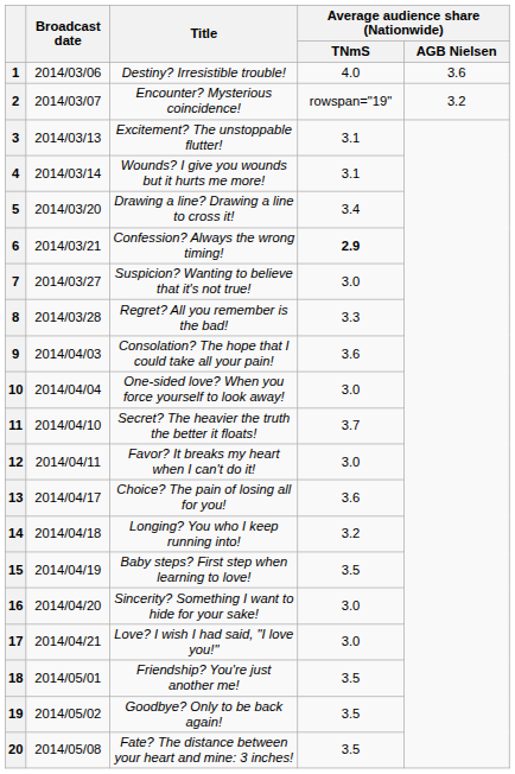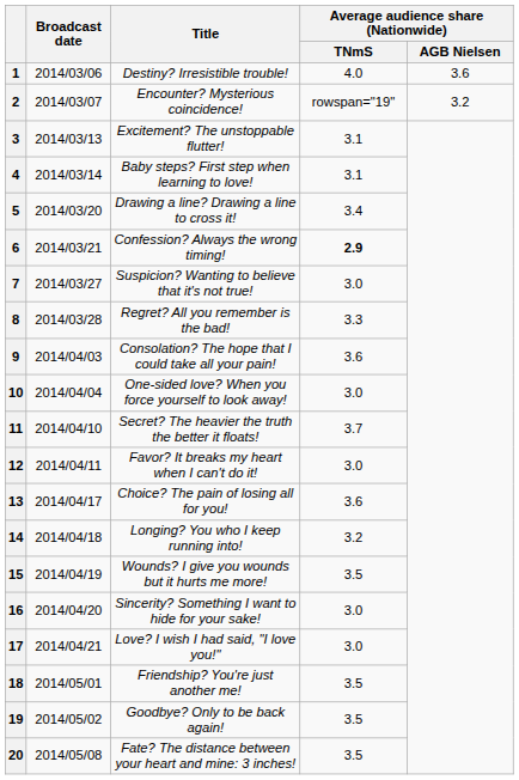 <table class=wikitable style="text-align:center">
 <tr>
 <th rowspan="2"></th>
 <th rowspan="2">Broadcast date</th>
 <th rowspan="2">Title</th>
 <th colspan="2">Average audience share (Nationwide)</th>
 </tr>
 <tr>
 <th width="120">TNmS</th>
 <th width="120">AGB Nielsen</th>
 </tr>
 <tr>
 <th>1</th>
 <td>2014/03/06</td>
 <td><em>Destiny? Irresistible trouble!</em> </td>
 <td>4.0</td>
 <td>3.6</td>
 </tr>
 <tr>
 <th>2</th>
 <td>2014/03/07</td>
 <td><em>Encounter? Mysterious coincidence!</em> </td>
 <td>rowspan="19" </td>
 <td>3.2</td>
 </tr>
 <tr>
 <th>3</th>
 <td>2014/03/13</td>
 <td><em>Excitement? The unstoppable flutter!</em> </td>
 <td>3.1</td>
 </tr>
 <tr>
 <th>4</th>
 <td>2014/03/14</td>
-<td><em>Wounds? I give you wounds but it hurts me more!</em> </td>
+<td><em>Baby steps? First step when learning to love!</em> </td>
 <td>3.1</td>
 </tr>
 <tr>
 <th>5</th>
 <td>2014/03/20</td>
 <td><em>Drawing a line? Drawing a line to cross it!</em> </td>
 <td>3.4</td>
 </tr>
 <tr>
 <th>6</th>
 <td>2014/03/21</td>
 <td><em>Confession? Always the wrong timing!</em> </td>
 <td><strong>2.9</strong></td>
 </tr>
 <tr>
 <th>7</th>
 <td>2014/03/27</td>
 <td><em>Suspicion? Wanting to believe that it's not true!</em> </td>
 <td>3.0</td>
 </tr>
 <tr>
 <th>8</th>
 <td>2014/03/28</td>
 <td><em>Regret? All you remember is the bad!</em> </td>
 <td>3.3</td>
 </tr>
 <tr>
 <th>9</th>
 <td>2014/04/03</td>
 <td><em>Consolation? The hope that I could take all your pain!</em> </td>
 <td>3.6</td>
 </tr>
 <tr>
 <th>10</th>
 <td>2014/04/04</td>
 <td><em>One-sided love? When you force yourself to look away!</em> </td>
 <td>3.0</td>
 </tr>
 <tr>
 <th>11</th>
 <td>2014/04/10</td>
 <td><em>Secret? The heavier the truth the better it floats!</em> </td>
 <td>3.7</td>
 </tr>
 <tr>
 <th>12</th>
 <td>2014/04/11</td>
 <td><em>Favor? It breaks my heart when I can't do it!</em> </td>
 <td>3.0</td>
 </tr>
 <tr>
 <th>13</th>
 <td>2014/04/17</td>
 <td><em>Choice? The pain of losing all for you!</em> </td>
 <td>3.6</td>
 </tr>
 <tr>
 <th>14</th>
 <td>2014/04/18</td>
 <td><em>Longing? You who I keep running into!</em> </td>
 <td>3.2</td>
 </tr>
 <tr>
 <th>15</th>
 <td>2014/04/19</td>
-<td><em>Baby steps? First step when learning to love!</em> </td>
+<td><em>Wounds? I give you wounds but it hurts me more!</em> </td>
 <td>3.5</td>
 </tr>
 <tr>
 <th>16</th>
 <td>2014/04/20</td>
 <td><em>Sincerity? Something I want to hide for your sake!</em> </td>
 <td>3.0</td>
 </tr>
 <tr>
 <th>17</th>
 <td>2014/04/21</td>
 <td><em>Love? I wish I had said, "I love you!"</em> </td>
 <td>3.0</td>
 </tr>
 <tr>
 <th>18</th>
 <td>2014/05/01</td>
 <td><em>Friendship? You're just another me!</em> </td>
 <td>3.5</td>
 </tr>
 <tr>
 <th>19</th>
 <td>2014/05/02</td>
 <td><em>Goodbye? Only to be back again!</em> </td>
 <td>3.5</td>
 </tr>
 <tr>
 <th>20</th>
 <td>2014/05/08</td>
 <td><em>Fate? The distance between your heart and mine: 3 inches!</em> </td>
 <td>3.5</td>
 </tr>
 </table>
